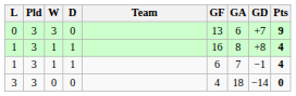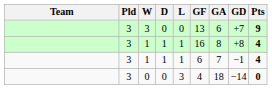 <table class="wikitable" style="text-align: center;">
 <tr>
-<th width="20">L</th>
+<th width="175">Team</th>
 <th width="20">Pld</th>
 <th width="20">W</th>
 <th width="20">D</th>
-<th width="175">Team</th>
+<th width="20">L</th>
 <th width="20">GF</th>
 <th width="20">GA</th>
 <th width="20">GD</th>
 <th width="20">Pts</th>
 </tr>
 <tr bgcolor=#ccffcc>
-<td>0</td>
+<td align=left></td>
 <td>3</td>
 <td>3</td>
 <td>0</td>
-<td align=left></td>
+<td>0</td>
 <td>13</td>
 <td>6</td>
 <td>+7</td>
 <td><strong>9</strong></td>
 </tr>
 <tr bgcolor=#ccffcc>
-<td>1</td>
+<td align=left></td>
 <td>3</td>
 <td>1</td>
 <td>1</td>
-<td align=left></td>
+<td>1</td>
 <td>16</td>
 <td>8</td>
 <td>+8</td>
 <td><strong>4</strong></td>
 </tr>
 <tr>
-<td>1</td>
+<td align=left></td>
 <td>3</td>
 <td>1</td>
 <td>1</td>
-<td align=left></td>
+<td>1</td>
 <td>6</td>
 <td>7</td>
 <td>−1</td>
 <td><strong>4</strong></td>
 </tr>
 <tr>
-<td>3</td>
+<td align=left></td>
 <td>3</td>
 <td>0</td>
 <td>0</td>
-<td align=left></td>
+<td>3</td>
 <td>4</td>
 <td>18</td>
 <td>−14</td>
 <td><strong>0</strong></td>
 </tr>
 </table>
